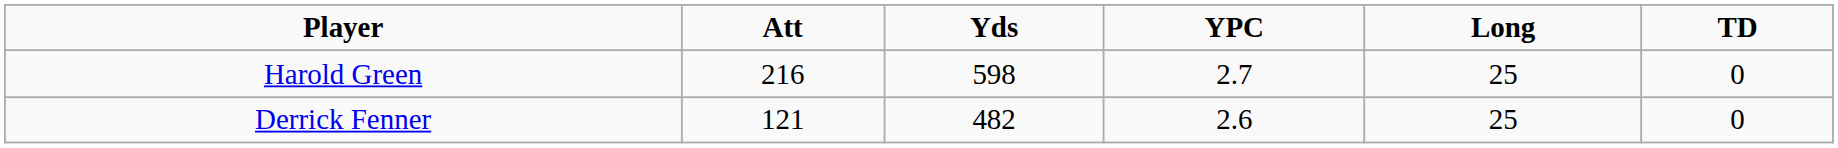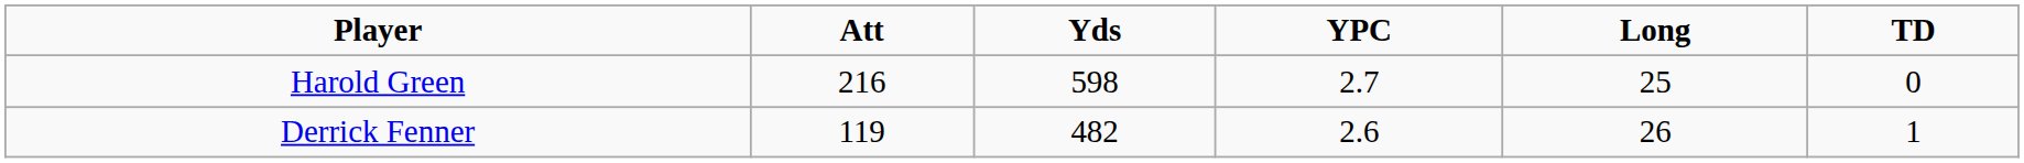 <table class="wikitable" width="80%">
 <tr align="center">
 <td><strong>Player</strong></td>
 <td><strong>Att</strong></td>
 <td><strong>Yds</strong></td>
 <td><strong>YPC</strong></td>
 <td><strong>Long</strong></td>
 <td><strong>TD</strong></td>
 </tr>
 <tr align="center" bgcolor="">
 <td><a href='#'>Harold Green</a></td>
 <td>216</td>
 <td>598</td>
 <td>2.7</td>
 <td>25</td>
 <td>0</td>
 </tr>
 <tr align="center" bgcolor="">
 <td><a href='#'>Derrick Fenner</a></td>
-<td>121</td>
+<td>119</td>
 <td>482</td>
 <td>2.6</td>
-<td>25</td>
-<td>0</td>
+<td>26</td>
+<td>1</td>
 </tr>
 </table>
